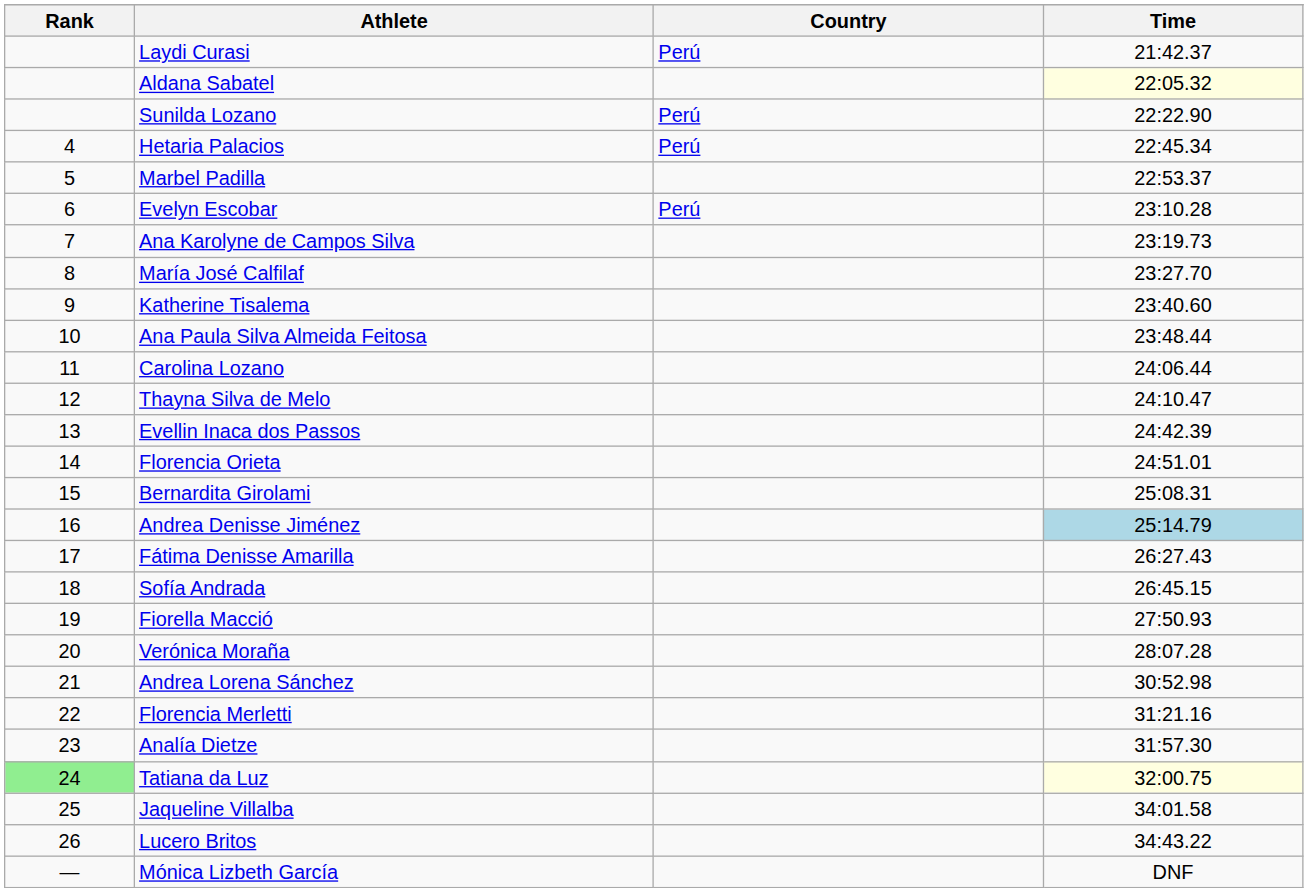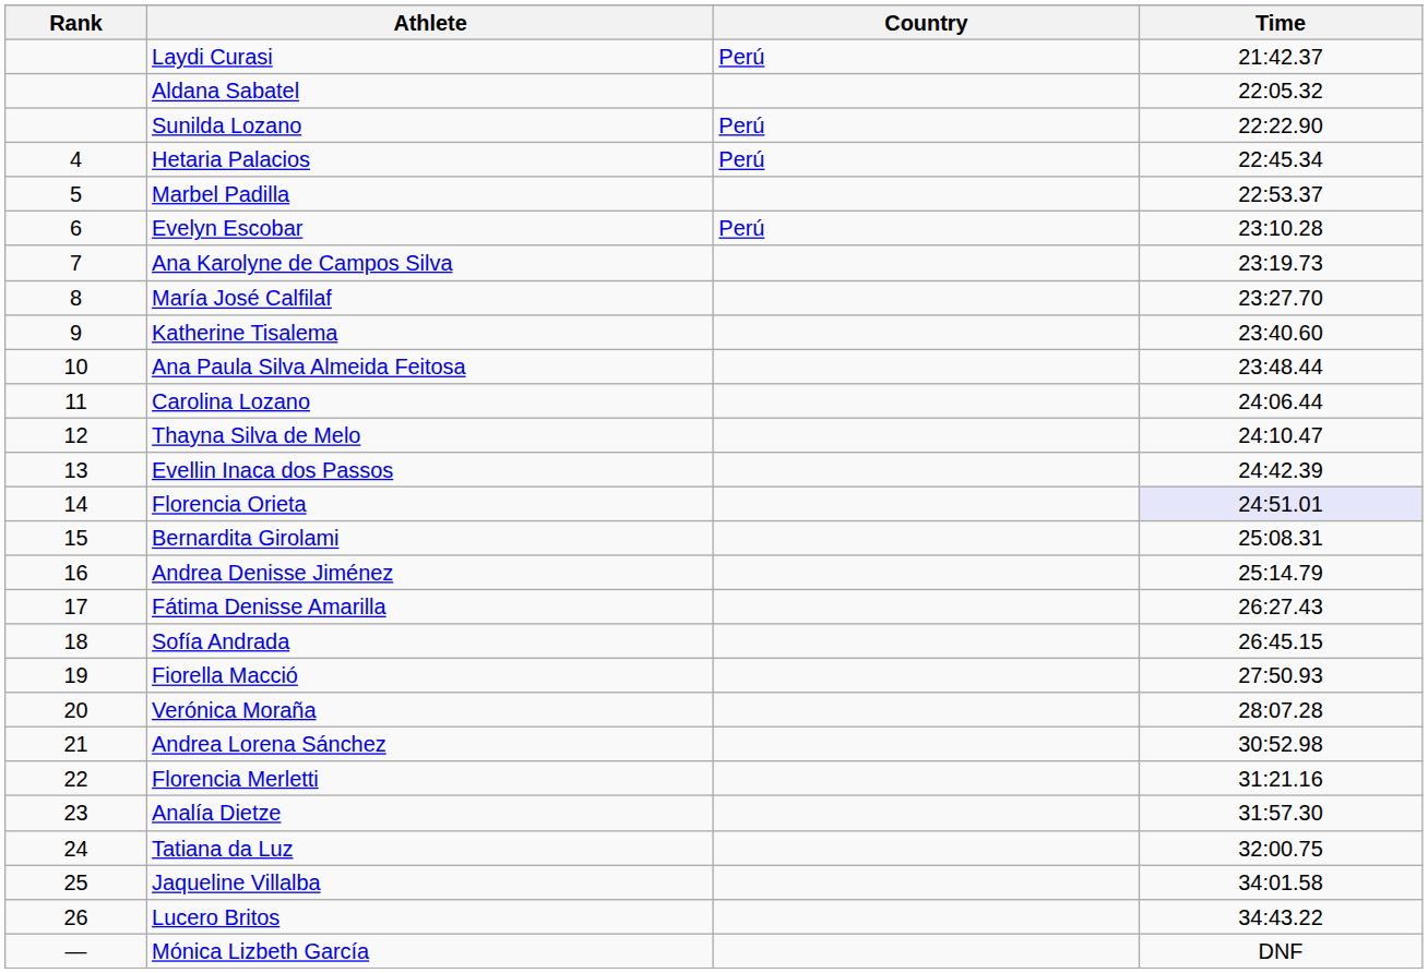 <table class="wikitable sortable" style=" text-align:center; font-size:95%;" width="50%">
 <tr>
 </tr>
 <tr>
 <th width=5%>Rank</th>
 <th width=20%>Athlete</th>
 <th width=15%>Country</th>
 <th width=10%>Time</th>
 </tr>
 <tr>
 <td align=center></td>
 <td align=left><a href='#'>Laydi Curasi</a></td>
 <td align=left> <a href='#'>Perú</a></td>
 <td>21:42.37</td>
 </tr>
 <tr>
 <td align=center></td>
 <td align=left><a href='#'>Aldana Sabatel</a></td>
 <td align=left></td>
-<td style="background: lightyellow;">22:05.32</td>
+<td>22:05.32</td>
 </tr>
 <tr>
 <td align=center></td>
 <td align=left><a href='#'>Sunilda Lozano</a></td>
 <td align=left> <a href='#'>Perú</a></td>
 <td>22:22.90</td>
 </tr>
 <tr>
 <td align=center>4</td>
 <td align=left><a href='#'>Hetaria Palacios</a></td>
 <td align=left> <a href='#'>Perú</a></td>
 <td>22:45.34</td>
 </tr>
 <tr>
 <td align=center>5</td>
 <td align=left><a href='#'>Marbel Padilla</a></td>
 <td align=left></td>
 <td>22:53.37</td>
 </tr>
 <tr>
 <td align=center>6</td>
 <td align=left><a href='#'>Evelyn Escobar</a></td>
 <td align=left> <a href='#'>Perú</a></td>
 <td>23:10.28</td>
 </tr>
 <tr>
 <td align=center>7</td>
 <td align=left><a href='#'>Ana Karolyne de Campos Silva</a></td>
 <td align=left></td>
 <td>23:19.73</td>
 </tr>
 <tr>
 <td align=center>8</td>
 <td align=left><a href='#'>María José Calfilaf</a></td>
 <td align=left></td>
 <td>23:27.70</td>
 </tr>
 <tr>
 <td align=center>9</td>
 <td align=left><a href='#'>Katherine Tisalema</a></td>
 <td align=left></td>
 <td>23:40.60</td>
 </tr>
 <tr>
 <td align=center>10</td>
 <td align=left><a href='#'>Ana Paula Silva Almeida Feitosa</a></td>
 <td align=left></td>
 <td>23:48.44</td>
 </tr>
 <tr>
 <td align=center>11</td>
 <td align=left><a href='#'>Carolina Lozano</a></td>
 <td align=left></td>
 <td>24:06.44</td>
 </tr>
 <tr>
 <td align=center>12</td>
 <td align=left><a href='#'>Thayna Silva de Melo</a></td>
 <td align=left></td>
 <td>24:10.47</td>
 </tr>
 <tr>
 <td align=center>13</td>
 <td align=left><a href='#'>Evellin Inaca dos Passos</a></td>
 <td align=left></td>
 <td>24:42.39</td>
 </tr>
 <tr>
 <td align=center>14</td>
 <td align=left><a href='#'>Florencia Orieta</a></td>
 <td align=left></td>
-<td>24:51.01</td>
+<td style="background: lavender;">24:51.01</td>
 </tr>
 <tr>
 <td align=center>15</td>
 <td align=left><a href='#'>Bernardita Girolami</a></td>
 <td align=left></td>
 <td>25:08.31</td>
 </tr>
 <tr>
 <td align=center>16</td>
 <td align=left><a href='#'>Andrea Denisse Jiménez</a></td>
 <td align=left></td>
-<td style="background: lightblue;">25:14.79</td>
+<td>25:14.79</td>
 </tr>
 <tr>
 <td align=center>17</td>
 <td align=left><a href='#'>Fátima Denisse Amarilla</a></td>
 <td align=left></td>
 <td>26:27.43</td>
 </tr>
 <tr>
 <td align=center>18</td>
 <td align=left><a href='#'>Sofía Andrada</a></td>
 <td align=left></td>
 <td>26:45.15</td>
 </tr>
 <tr>
 <td align=center>19</td>
 <td align=left><a href='#'>Fiorella Macció</a></td>
 <td align=left></td>
 <td>27:50.93</td>
 </tr>
 <tr>
 <td align=center>20</td>
 <td align=left><a href='#'>Verónica Moraña</a></td>
 <td align=left></td>
 <td>28:07.28</td>
 </tr>
 <tr>
 <td align=center>21</td>
 <td align=left><a href='#'>Andrea Lorena Sánchez</a></td>
 <td align=left></td>
 <td>30:52.98</td>
 </tr>
 <tr>
 <td align=center>22</td>
 <td align=left><a href='#'>Florencia Merletti</a></td>
 <td align=left></td>
 <td>31:21.16</td>
 </tr>
 <tr>
 <td align=center>23</td>
 <td align=left><a href='#'>Analía Dietze</a></td>
 <td align=left></td>
 <td>31:57.30</td>
 </tr>
 <tr>
-<td align=center style="background: lightgreen;">24</td>
+<td align=center>24</td>
 <td align=left><a href='#'>Tatiana da Luz</a></td>
 <td align=left></td>
-<td style="background: lightyellow;">32:00.75</td>
+<td>32:00.75</td>
 </tr>
 <tr>
 <td align=center>25</td>
 <td align=left><a href='#'>Jaqueline Villalba</a></td>
 <td align=left></td>
 <td>34:01.58</td>
 </tr>
 <tr>
 <td align=center>26</td>
 <td align=left><a href='#'>Lucero Britos</a></td>
 <td align=left></td>
 <td>34:43.22</td>
 </tr>
 <tr>
 <td align=center>—</td>
 <td align=left><a href='#'>Mónica Lizbeth García</a></td>
 <td align=left></td>
 <td>DNF</td>
 </tr>
 </table>
